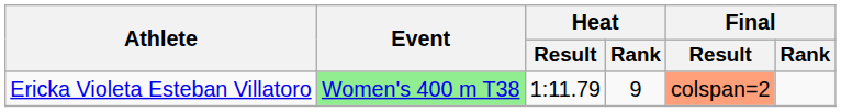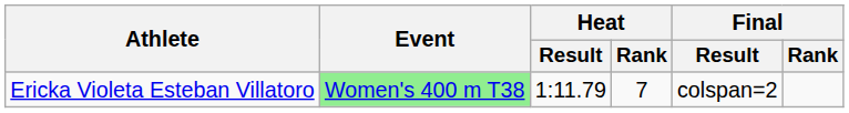 <table class="wikitable" style="font-size:90%">
 <tr>
 <th rowspan="2">Athlete</th>
 <th rowspan="2">Event</th>
 <th colspan="2">Heat</th>
 <th colspan="2">Final</th>
 </tr>
 <tr style="font-size:95%">
 <th>Result</th>
 <th>Rank</th>
 <th>Result</th>
 <th>Rank</th>
 </tr>
 <tr align=center>
 <td align=left><a href='#'>Ericka Violeta Esteban Villatoro</a></td>
 <td align=left style="background: lightgreen;"><a href='#'>Women's 400 m T38</a></td>
 <td>1:11.79 <strong></strong></td>
-<td>9</td>
-<td style="background: lightsalmon;">colspan=2 </td>
+<td>7</td>
+<td>colspan=2 </td>
 </tr>
 </table>
